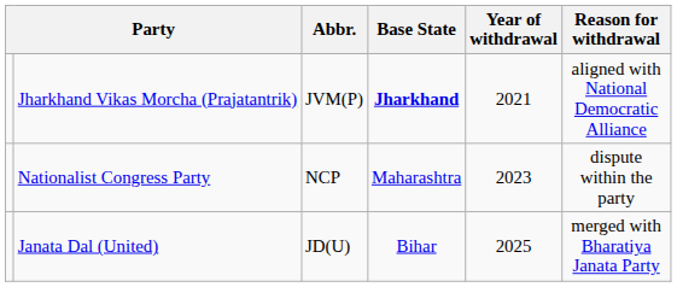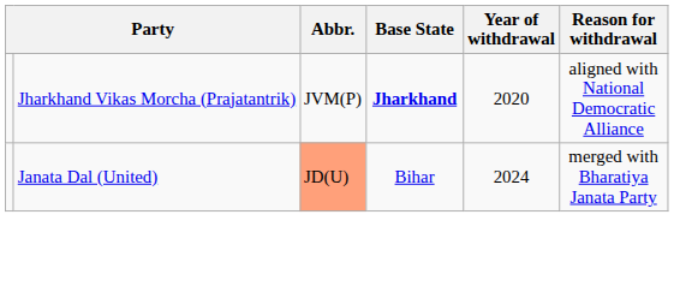 <table class="wikitable sortable">
 <tr>
 <th colspan="2" style="width:30px;">Party</th>
 <th>Abbr.</th>
 <th style="width:80px;">Base State</th>
 <th style="width:60px;">Year of withdrawal</th>
 <th style="width:90px;">Reason for withdrawal</th>
 </tr>
 <tr>
 <td style="background-color:"></td>
 <td><a href='#'>Jharkhand Vikas Morcha (Prajatantrik)</a></td>
 <td>JVM(P)</td>
 <td style="text-align: center;"><strong><a href='#'>Jharkhand</a></strong></td>
-<td style="text-align: center;">2021</td>
+<td style="text-align: center;">2020</td>
 <td style="text-align: center;">aligned with <a href='#'>National Democratic Alliance</a></td>
 </tr>
 <tr>
 <td style="background-color:"></td>
-<td><a href='#'>Nationalist Congress Party</a></td>
-<td>NCP</td>
-<td style="text-align: center;"><a href='#'>Maharashtra</a></td>
-<td style="text-align: center;">2023</td>
-<td style="text-align: center;">dispute within the party</td>
-</tr>
-<tr>
-<td style="background-color:"></td>
 <td><a href='#'>Janata Dal (United)</a></td>
-<td>JD(U)</td>
+<td style="background: lightsalmon;">JD(U)</td>
 <td style="text-align: center;"><a href='#'>Bihar</a></td>
-<td style="text-align: center;">2025</td>
+<td style="text-align: center;">2024</td>
 <td style="text-align: center;">merged with <a href='#'>Bharatiya Janata Party</a></td>
 </tr>
 </table>
